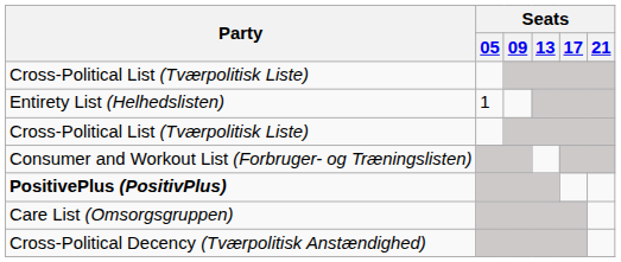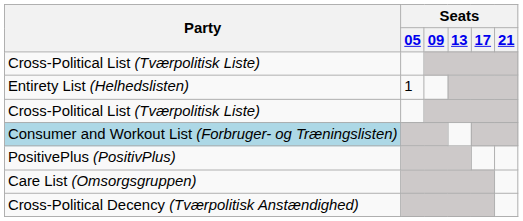 <table class="wikitable">
 <tr>
 <th rowspan=2>Party</th>
 <th colspan=11>Seats</th>
 </tr>
 <tr>
 <th><a href='#'>05</a></th>
 <th><a href='#'>09</a></th>
 <th><a href='#'>13</a></th>
 <th><a href='#'>17</a></th>
 <th><a href='#'>21</a></th>
 </tr>
 <tr>
 <td>Cross-Political List <em>(Tværpolitisk Liste)</em></td>
 <td></td>
 <td style="background:#CDC9C9;" colspan=4></td>
 </tr>
 <tr>
 <td>Entirety List <em>(Helhedslisten)</em></td>
 <td>1</td>
 <td></td>
 <td style="background:#CDC9C9;" colspan=3></td>
 </tr>
 <tr>
 <td>Cross-Political List <em>(Tværpolitisk Liste)</em></td>
 <td></td>
 <td style="background:#CDC9C9;" colspan=4></td>
 </tr>
 <tr>
-<td>Consumer and Workout List <em>(Forbruger- og Træningslisten)</em></td>
+<td style="background: lightblue;">Consumer and Workout List <em>(Forbruger- og Træningslisten)</em></td>
 <td style="background:#CDC9C9;" colspan=2></td>
 <td></td>
 <td style="background:#CDC9C9;" colspan=2></td>
 </tr>
 <tr>
-<td><strong>PositivePlus <em>(PositivPlus)</em></strong></td>
+<td>PositivePlus <em>(PositivPlus)</em></td>
 <td style="background:#CDC9C9;" colspan=3></td>
 <td></td>
 <td></td>
 </tr>
 <tr>
 <td>Care List <em>(Omsorgsgruppen)</em></td>
 <td style="background:#CDC9C9;" colspan=4></td>
 <td></td>
 </tr>
 <tr>
 <td>Cross-Political Decency <em>(Tværpolitisk Anstændighed)</em></td>
 <td style="background:#CDC9C9;" colspan=4></td>
 <td></td>
 </tr>
 </table>
